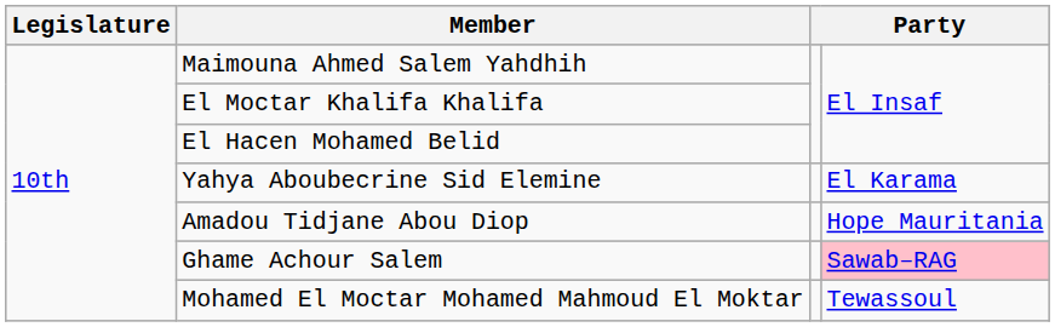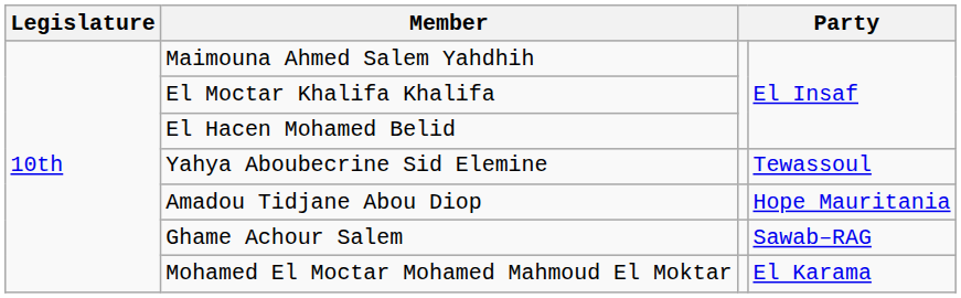 <table class="wikitable">
 <tr>
 <th>Legislature</th>
 <th>Member</th>
 <th colspan=2>Party</th>
 </tr>
 <tr>
 <td rowspan=7><a href='#'>10th</a></td>
 <td>Maimouna Ahmed Salem Yahdhih</td>
 <td rowspan=3 style="color:inherit;background:"></td>
 <td rowspan=3><a href='#'>El Insaf</a></td>
 </tr>
 <tr>
 <td>El Moctar Khalifa Khalifa</td>
 </tr>
 <tr>
 <td>El Hacen Mohamed Belid</td>
 </tr>
 <tr>
 <td>Yahya Aboubecrine Sid Elemine</td>
 <td style="color:inherit;background:"></td>
-<td><a href='#'>El Karama</a></td>
+<td><a href='#'>Tewassoul</a></td>
 </tr>
 <tr>
 <td>Amadou Tidjane Abou Diop</td>
 <td style="color:inherit;background:"></td>
 <td><a href='#'>Hope Mauritania</a></td>
 </tr>
 <tr>
 <td>Ghame Achour Salem</td>
 <td style="color:inherit;background:"></td>
-<td style="background: pink;"><a href='#'>Sawab–RAG</a></td>
+<td><a href='#'>Sawab–RAG</a></td>
 </tr>
 <tr>
 <td>Mohamed El Moctar Mohamed Mahmoud El Moktar</td>
 <td style="color:inherit;background:"></td>
-<td><a href='#'>Tewassoul</a></td>
+<td><a href='#'>El Karama</a></td>
 </tr>
 </table>
